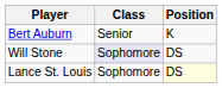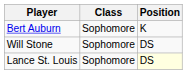 <table class="wikitable">
 <tr>
 <th style="text-align:center; ">Player</th>
 <th style="text-align:center; ">Class</th>
 <th style="text-align:center; ">Position</th>
 </tr>
 <tr>
 <td><a href='#'>Bert Auburn</a></td>
-<td>Senior</td>
+<td>Sophomore</td>
 <td>K</td>
 </tr>
 <tr>
 <td>Will Stone</td>
-<td style="background: lavender;">Sophomore</td>
+<td>Sophomore</td>
 <td>DS</td>
 </tr>
 <tr>
 <td>Lance St. Louis</td>
 <td>Sophomore</td>
 <td style="background: lightyellow;">DS</td>
 </tr>
 </table>
